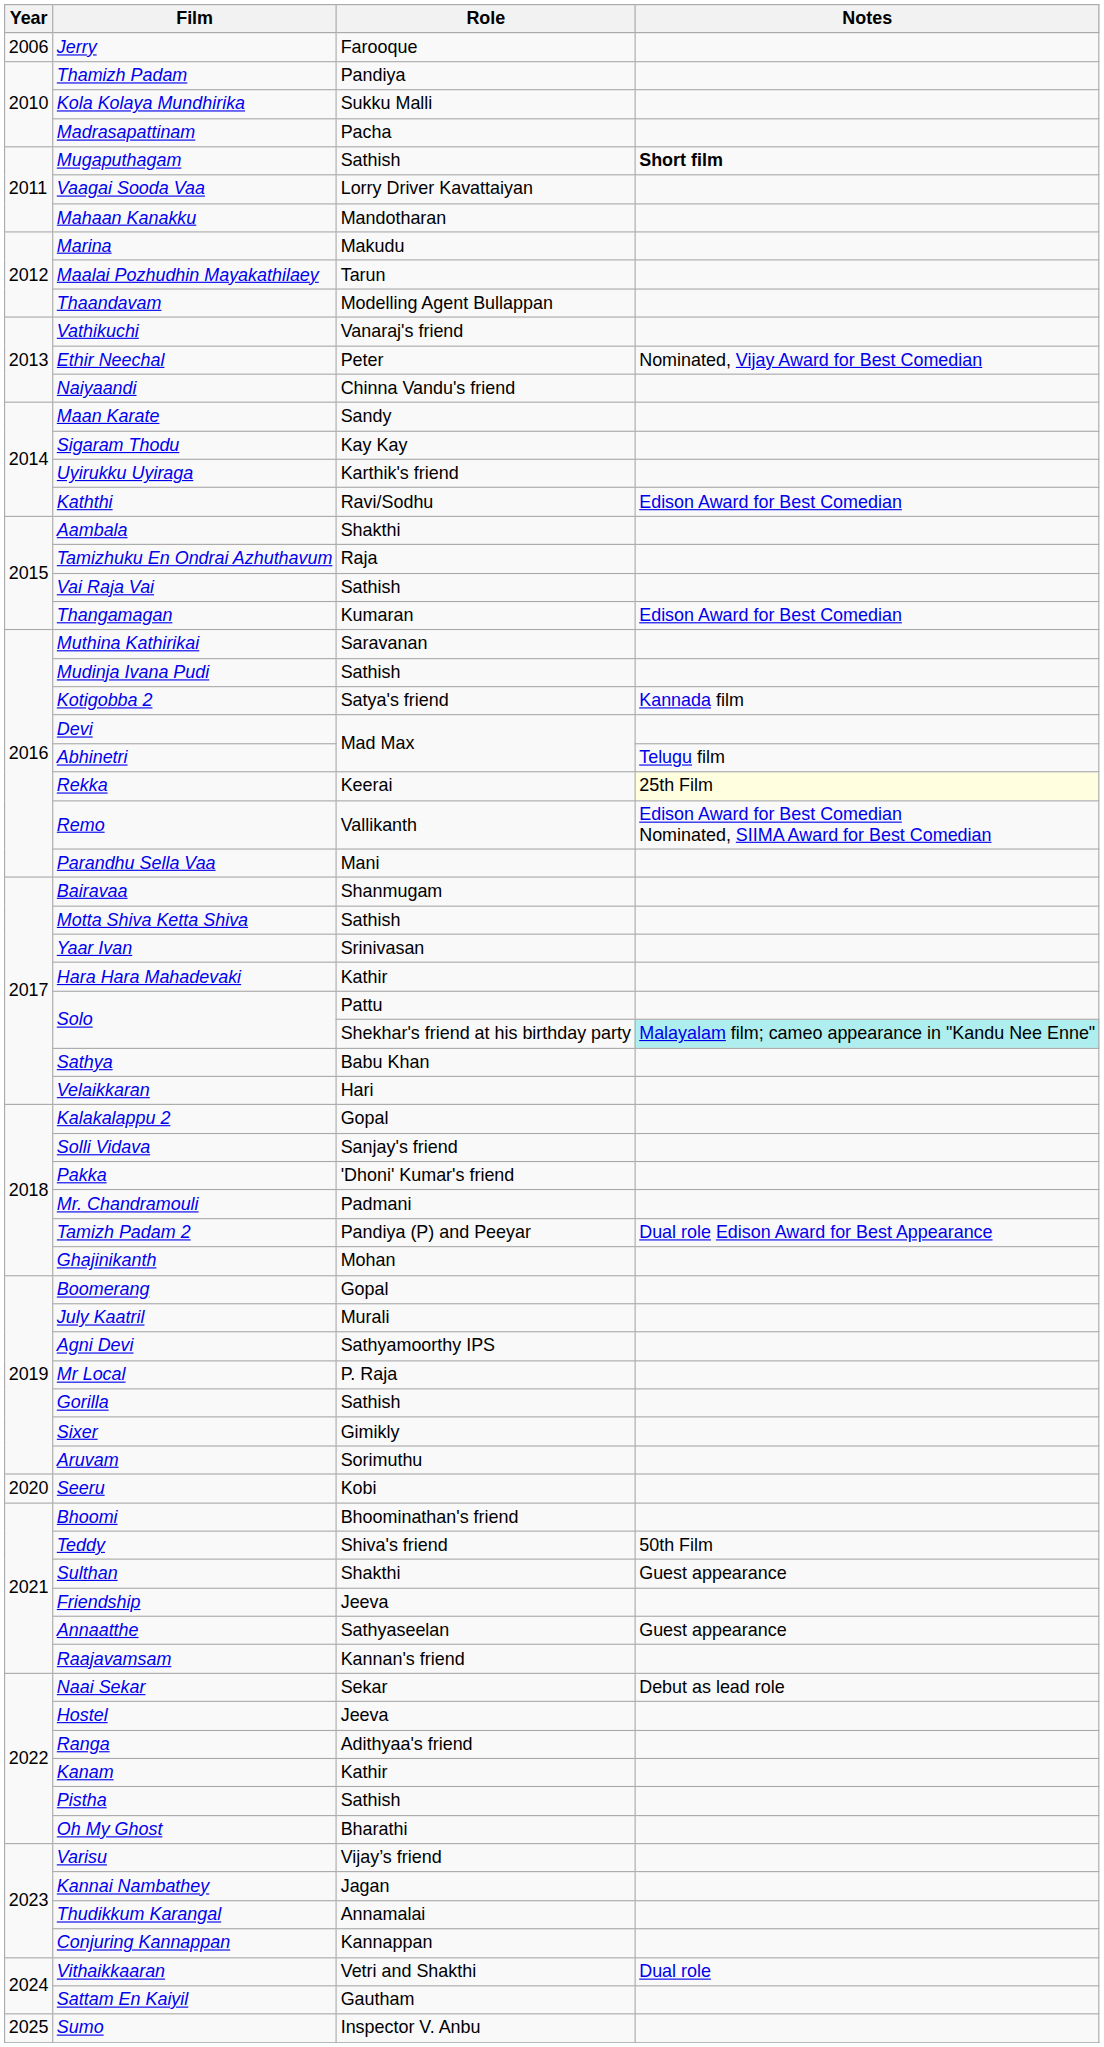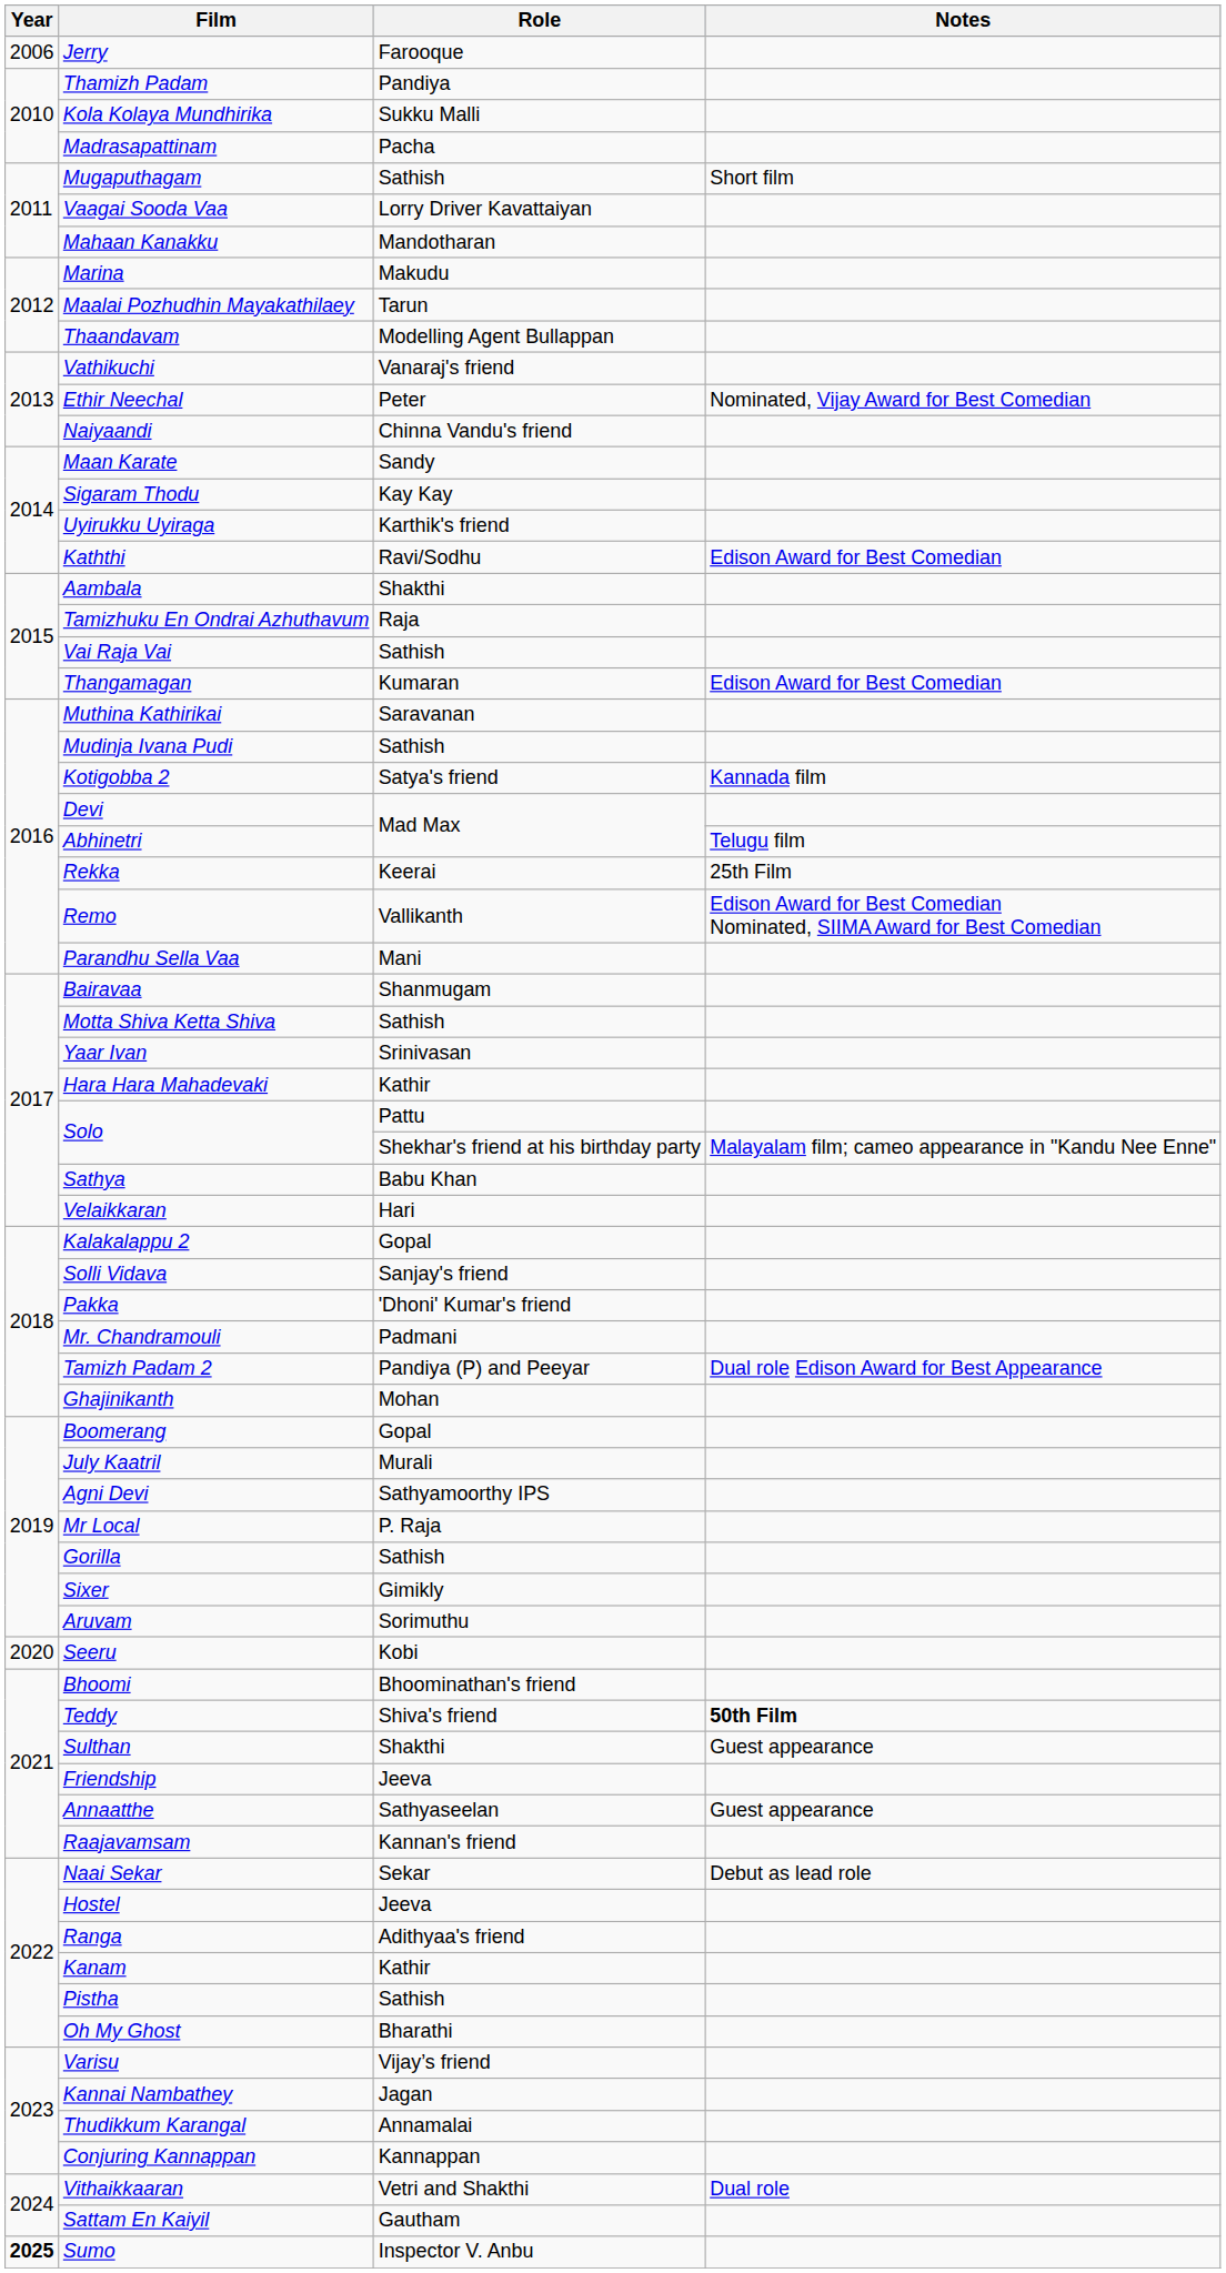 <table class="wikitable sortable">
 <tr style="background:#b0c4de; text-align:center;">
 <th scope="col">Year</th>
 <th scope="col">Film</th>
 <th scope="col">Role</th>
 <th class="unsortable" scope="col">Notes</th>
 </tr>
 <tr>
 <td>2006</td>
 <td><em><a href='#'>Jerry</a></em></td>
 <td>Farooque</td>
 <td></td>
 </tr>
 <tr>
 <td rowspan="3">2010</td>
 <td><em><a href='#'>Thamizh Padam </a></em></td>
 <td>Pandiya</td>
 <td></td>
 </tr>
 <tr>
 <td><em><a href='#'>Kola Kolaya Mundhirika</a></em></td>
 <td>Sukku Malli</td>
 <td></td>
 </tr>
 <tr>
 <td><em><a href='#'>Madrasapattinam</a></em></td>
 <td>Pacha</td>
 <td></td>
 </tr>
 <tr>
 <td rowspan="3">2011</td>
 <td><em><a href='#'>Mugaputhagam</a></em></td>
 <td>Sathish</td>
-<td><strong>Short film</strong></td>
+<td>Short film</td>
 </tr>
 <tr>
 <td><em><a href='#'>Vaagai Sooda Vaa</a></em></td>
 <td>Lorry Driver Kavattaiyan</td>
 <td></td>
 </tr>
 <tr>
 <td><em><a href='#'>Mahaan Kanakku</a></em></td>
 <td>Mandotharan</td>
 <td></td>
 </tr>
 <tr>
 <td rowspan="3">2012</td>
 <td><em><a href='#'>Marina</a></em></td>
 <td>Makudu</td>
 <td></td>
 </tr>
 <tr>
 <td><em><a href='#'>Maalai Pozhudhin Mayakathilaey</a></em></td>
 <td>Tarun</td>
 <td></td>
 </tr>
 <tr>
 <td><em><a href='#'>Thaandavam</a></em></td>
 <td>Modelling Agent Bullappan</td>
 <td></td>
 </tr>
 <tr>
 <td rowspan="3">2013</td>
 <td><em><a href='#'>Vathikuchi</a></em></td>
 <td>Vanaraj's friend</td>
 <td></td>
 </tr>
 <tr>
 <td><em><a href='#'>Ethir Neechal</a></em></td>
 <td>Peter</td>
 <td>Nominated, <a href='#'>Vijay Award for Best Comedian</a></td>
 </tr>
 <tr>
 <td><em><a href='#'>Naiyaandi</a></em></td>
 <td>Chinna Vandu's friend</td>
 <td></td>
 </tr>
 <tr>
 <td rowspan="4">2014</td>
 <td><em><a href='#'>Maan Karate</a></em></td>
 <td>Sandy</td>
 <td></td>
 </tr>
 <tr>
 <td><em><a href='#'>Sigaram Thodu</a></em></td>
 <td>Kay Kay</td>
 <td></td>
 </tr>
 <tr>
 <td><em><a href='#'>Uyirukku Uyiraga</a></em></td>
 <td>Karthik's friend</td>
 <td></td>
 </tr>
 <tr>
 <td><em><a href='#'>Kaththi</a></em></td>
 <td>Ravi/Sodhu</td>
 <td><a href='#'>Edison Award for Best Comedian</a></td>
 </tr>
 <tr>
 <td rowspan="4">2015</td>
 <td><em><a href='#'>Aambala</a></em></td>
 <td>Shakthi</td>
 <td></td>
 </tr>
 <tr>
 <td><em><a href='#'>Tamizhuku En Ondrai Azhuthavum</a></em></td>
 <td>Raja</td>
 <td></td>
 </tr>
 <tr>
 <td><em><a href='#'>Vai Raja Vai</a></em></td>
 <td>Sathish</td>
 <td></td>
 </tr>
 <tr>
 <td><em><a href='#'>Thangamagan</a></em></td>
 <td>Kumaran</td>
 <td><a href='#'>Edison Award for Best Comedian</a></td>
 </tr>
 <tr>
 <td rowspan="8">2016</td>
 <td><em><a href='#'>Muthina Kathirikai</a></em></td>
 <td>Saravanan</td>
 <td></td>
 </tr>
 <tr>
 <td><em><a href='#'>Mudinja Ivana Pudi</a></em></td>
 <td>Sathish</td>
 <td></td>
 </tr>
 <tr>
 <td><em><a href='#'>Kotigobba 2</a></em></td>
 <td>Satya's friend</td>
 <td><a href='#'>Kannada</a> film</td>
 </tr>
 <tr>
 <td><em><a href='#'>Devi</a></em></td>
 <td rowspan="2">Mad Max</td>
 <td></td>
 </tr>
 <tr>
 <td><em><a href='#'>Abhinetri</a></em></td>
 <td><a href='#'>Telugu</a> film</td>
 </tr>
 <tr>
 <td><em><a href='#'>Rekka</a></em></td>
 <td>Keerai</td>
-<td style="background: lightyellow;">25th Film</td>
+<td>25th Film</td>
 </tr>
 <tr>
 <td><em><a href='#'>Remo</a></em></td>
 <td>Vallikanth</td>
 <td><a href='#'>Edison Award for Best Comedian</a><br>Nominated, <a href='#'>SIIMA Award for Best Comedian</a></td>
 </tr>
 <tr>
 <td><em><a href='#'>Parandhu Sella Vaa</a></em></td>
 <td>Mani</td>
 <td></td>
 </tr>
 <tr>
 <td rowspan="8">2017</td>
 <td><em><a href='#'>Bairavaa</a></em></td>
 <td>Shanmugam</td>
 <td></td>
 </tr>
 <tr>
 <td><em><a href='#'>Motta Shiva Ketta Shiva</a></em></td>
 <td>Sathish</td>
 <td></td>
 </tr>
 <tr>
 <td><em><a href='#'>Yaar Ivan</a></em></td>
 <td>Srinivasan</td>
 <td></td>
 </tr>
 <tr>
 <td><em><a href='#'>Hara Hara Mahadevaki</a></em></td>
 <td>Kathir</td>
 <td></td>
 </tr>
 <tr>
 <td rowspan="2"><em><a href='#'>Solo</a></em></td>
 <td>Pattu</td>
 <td></td>
 </tr>
 <tr>
 <td>Shekhar's friend at his birthday party</td>
-<td style="background: paleturquoise;"><a href='#'>Malayalam</a> film; cameo appearance in "Kandu Nee Enne"</td>
+<td><a href='#'>Malayalam</a> film; cameo appearance in "Kandu Nee Enne"</td>
 </tr>
 <tr>
 <td><em><a href='#'>Sathya</a></em></td>
 <td>Babu Khan</td>
 <td></td>
 </tr>
 <tr>
 <td><em><a href='#'>Velaikkaran</a></em></td>
 <td>Hari</td>
 <td></td>
 </tr>
 <tr>
 <td rowspan="6">2018</td>
 <td><em><a href='#'>Kalakalappu 2</a></em></td>
 <td>Gopal</td>
 <td></td>
 </tr>
 <tr>
 <td><em><a href='#'>Solli Vidava</a></em></td>
 <td>Sanjay's friend</td>
 <td></td>
 </tr>
 <tr>
 <td><em><a href='#'>Pakka</a></em></td>
 <td>'Dhoni' Kumar's friend</td>
 <td></td>
 </tr>
 <tr>
 <td><em><a href='#'>Mr. Chandramouli</a></em></td>
 <td>Padmani</td>
 <td></td>
 </tr>
 <tr>
 <td><em><a href='#'>Tamizh Padam 2</a></em></td>
 <td>Pandiya (P) and Peeyar</td>
 <td><a href='#'>Dual role</a> <a href='#'>Edison Award for Best Appearance</a></td>
 </tr>
 <tr>
 <td><em><a href='#'>Ghajinikanth</a></em></td>
 <td>Mohan</td>
 <td></td>
 </tr>
 <tr>
 <td rowspan="7">2019</td>
 <td><em><a href='#'>Boomerang</a></em></td>
 <td>Gopal</td>
 <td></td>
 </tr>
 <tr>
 <td><em><a href='#'>July Kaatril</a></em></td>
 <td>Murali</td>
 <td></td>
 </tr>
 <tr>
 <td><em><a href='#'>Agni Devi</a></em></td>
 <td>Sathyamoorthy IPS</td>
 <td></td>
 </tr>
 <tr>
 <td><em><a href='#'>Mr Local</a></em></td>
 <td>P. Raja</td>
 <td></td>
 </tr>
 <tr>
 <td><em><a href='#'>Gorilla</a></em></td>
 <td>Sathish</td>
 <td></td>
 </tr>
 <tr>
 <td><em><a href='#'>Sixer</a></em></td>
 <td>Gimikly</td>
 <td></td>
 </tr>
 <tr>
 <td><em><a href='#'>Aruvam</a></em></td>
 <td>Sorimuthu</td>
 <td></td>
 </tr>
 <tr>
 <td>2020</td>
 <td><em><a href='#'>Seeru</a></em></td>
 <td>Kobi</td>
 <td></td>
 </tr>
 <tr>
 <td rowspan="6">2021</td>
 <td><em><a href='#'>Bhoomi</a></em></td>
 <td>Bhoominathan's friend</td>
 <td></td>
 </tr>
 <tr>
 <td><em><a href='#'>Teddy</a></em></td>
 <td>Shiva's friend</td>
-<td>50th Film</td>
+<td><strong>50th Film</strong></td>
 </tr>
 <tr>
 <td><em><a href='#'>Sulthan</a></em></td>
 <td>Shakthi</td>
 <td>Guest appearance</td>
 </tr>
 <tr>
 <td><em><a href='#'>Friendship</a></em></td>
 <td>Jeeva</td>
 <td></td>
 </tr>
 <tr>
 <td><em><a href='#'>Annaatthe</a></em></td>
 <td>Sathyaseelan</td>
 <td>Guest appearance</td>
 </tr>
 <tr>
 <td><em><a href='#'>Raajavamsam</a></em></td>
 <td>Kannan's friend</td>
 <td></td>
 </tr>
 <tr>
 <td rowspan="6">2022</td>
 <td><em><a href='#'>Naai Sekar</a></em></td>
 <td>Sekar</td>
 <td>Debut as lead role</td>
 </tr>
 <tr>
 <td><em><a href='#'>Hostel</a></em></td>
 <td>Jeeva</td>
 <td></td>
 </tr>
 <tr>
 <td><em><a href='#'>Ranga</a></em></td>
 <td>Adithyaa's friend</td>
 <td></td>
 </tr>
 <tr>
 <td><em><a href='#'>Kanam</a></em></td>
 <td>Kathir</td>
 <td></td>
 </tr>
 <tr>
 <td><em><a href='#'>Pistha</a></em></td>
 <td>Sathish</td>
 <td></td>
 </tr>
 <tr>
 <td><em><a href='#'>Oh My Ghost</a></em></td>
 <td>Bharathi</td>
 <td></td>
 </tr>
 <tr>
 <td rowspan="4">2023</td>
 <td><em><a href='#'>Varisu</a></em></td>
 <td>Vijay’s friend</td>
 <td></td>
 </tr>
 <tr>
 <td><em><a href='#'>Kannai Nambathey</a></em></td>
 <td>Jagan</td>
 <td></td>
 </tr>
 <tr>
 <td><em><a href='#'>Thudikkum Karangal</a></em></td>
 <td>Annamalai</td>
 <td></td>
 </tr>
 <tr>
 <td><em><a href='#'>Conjuring Kannappan</a></em></td>
 <td>Kannappan</td>
 <td></td>
 </tr>
 <tr>
 <td rowspan="2">2024</td>
 <td><em><a href='#'>Vithaikkaaran</a></em></td>
 <td>Vetri and Shakthi</td>
 <td><a href='#'>Dual role</a></td>
 </tr>
 <tr>
 <td><em><a href='#'>Sattam En Kaiyil</a></em></td>
 <td>Gautham</td>
 <td></td>
 </tr>
 <tr>
-<td>2025</td>
+<td><strong>2025</strong></td>
 <td><a href='#'><em>Sumo</em></a></td>
 <td>Inspector V. Anbu</td>
 <td></td>
 </tr>
 <tr>
 </tr>
 <tr>
 </tr>
 </table>
